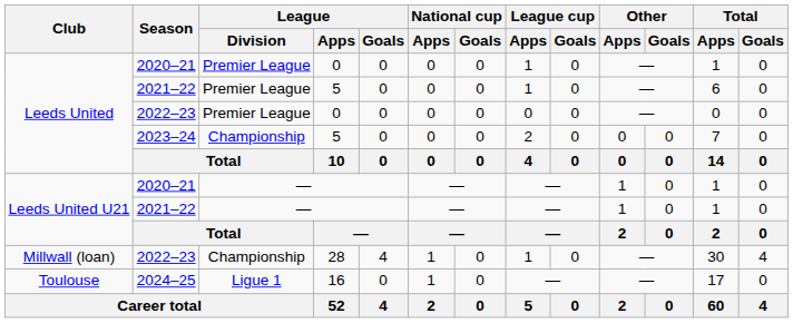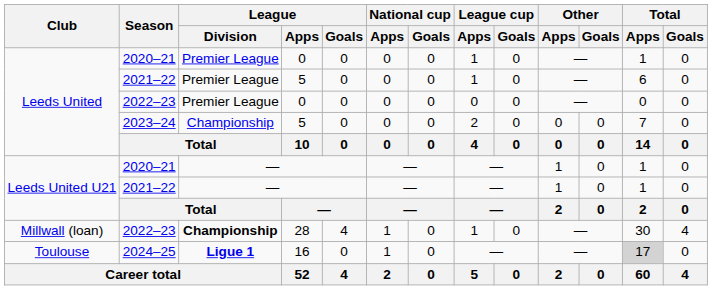 <table class="wikitable" style="text-align: center">
 <tr>
 <th rowspan="2">Club</th>
 <th rowspan="2">Season</th>
 <th colspan="3">League</th>
 <th colspan="2">National cup</th>
 <th colspan="2">League cup</th>
 <th colspan="2">Other</th>
 <th colspan="2">Total</th>
 </tr>
 <tr>
 <th>Division</th>
 <th>Apps</th>
 <th>Goals</th>
 <th>Apps</th>
 <th>Goals</th>
 <th>Apps</th>
 <th>Goals</th>
 <th>Apps</th>
 <th>Goals</th>
 <th>Apps</th>
 <th>Goals</th>
 </tr>
 <tr>
 <td rowspan="5"><a href='#'>Leeds United</a></td>
 <td><a href='#'>2020–21</a></td>
 <td><a href='#'>Premier League</a></td>
 <td>0</td>
 <td>0</td>
 <td>0</td>
 <td>0</td>
 <td>1</td>
 <td>0</td>
 <td colspan="2">—</td>
 <td>1</td>
 <td>0</td>
 </tr>
 <tr>
 <td><a href='#'>2021–22</a></td>
 <td>Premier League</td>
 <td>5</td>
 <td>0</td>
 <td>0</td>
 <td>0</td>
 <td>1</td>
 <td>0</td>
 <td colspan="2">—</td>
 <td>6</td>
 <td>0</td>
 </tr>
 <tr>
 <td><a href='#'>2022–23</a></td>
 <td>Premier League</td>
 <td>0</td>
 <td>0</td>
 <td>0</td>
 <td>0</td>
 <td>0</td>
 <td>0</td>
 <td colspan="2">—</td>
 <td>0</td>
 <td>0</td>
 </tr>
 <tr>
 <td><a href='#'>2023–24</a></td>
 <td><a href='#'>Championship</a></td>
 <td>5</td>
 <td>0</td>
 <td>0</td>
 <td>0</td>
 <td>2</td>
 <td>0</td>
 <td>0</td>
 <td>0</td>
 <td>7</td>
 <td>0</td>
 </tr>
 <tr>
 <th colspan="2">Total</th>
 <th>10</th>
 <th>0</th>
 <th>0</th>
 <th>0</th>
 <th>4</th>
 <th>0</th>
 <th>0</th>
 <th>0</th>
 <th>14</th>
 <th>0</th>
 </tr>
 <tr>
 <td rowspan="3"><a href='#'>Leeds United U21</a></td>
 <td><a href='#'>2020–21</a></td>
 <td colspan="3">—</td>
 <td colspan="2">—</td>
 <td colspan="2">—</td>
 <td>1</td>
 <td>0</td>
 <td>1</td>
 <td>0</td>
 </tr>
 <tr>
 <td><a href='#'>2021–22</a></td>
 <td colspan="3">—</td>
 <td colspan="2">—</td>
 <td colspan="2">—</td>
 <td>1</td>
 <td>0</td>
 <td>1</td>
 <td>0</td>
 </tr>
 <tr>
 <th colspan="2">Total</th>
 <th colspan="2">—</th>
 <th colspan="2">—</th>
 <th colspan="2">—</th>
 <th>2</th>
 <th>0</th>
 <th>2</th>
 <th>0</th>
 </tr>
 <tr>
 <td><a href='#'>Millwall</a> (loan)</td>
 <td><a href='#'>2022–23</a></td>
-<td>Championship</td>
+<td><strong>Championship</strong></td>
 <td>28</td>
 <td>4</td>
 <td>1</td>
 <td>0</td>
 <td>1</td>
 <td>0</td>
 <td colspan="2">—</td>
 <td>30</td>
 <td>4</td>
 </tr>
 <tr>
 <td><a href='#'>Toulouse</a></td>
 <td><a href='#'>2024–25</a></td>
-<td><a href='#'>Ligue 1</a></td>
+<td><strong><a href='#'>Ligue 1</a></strong></td>
 <td>16</td>
 <td>0</td>
 <td>1</td>
 <td>0</td>
 <td colspan="2">—</td>
 <td colspan="2">—</td>
-<td>17</td>
+<td style="background: lightgrey;">17</td>
 <td>0</td>
 </tr>
 <tr>
 <th colspan="3">Career total</th>
 <th>52</th>
 <th>4</th>
 <th>2</th>
 <th>0</th>
 <th>5</th>
 <th>0</th>
 <th>2</th>
 <th>0</th>
 <th>60</th>
 <th>4</th>
 </tr>
 </table>
